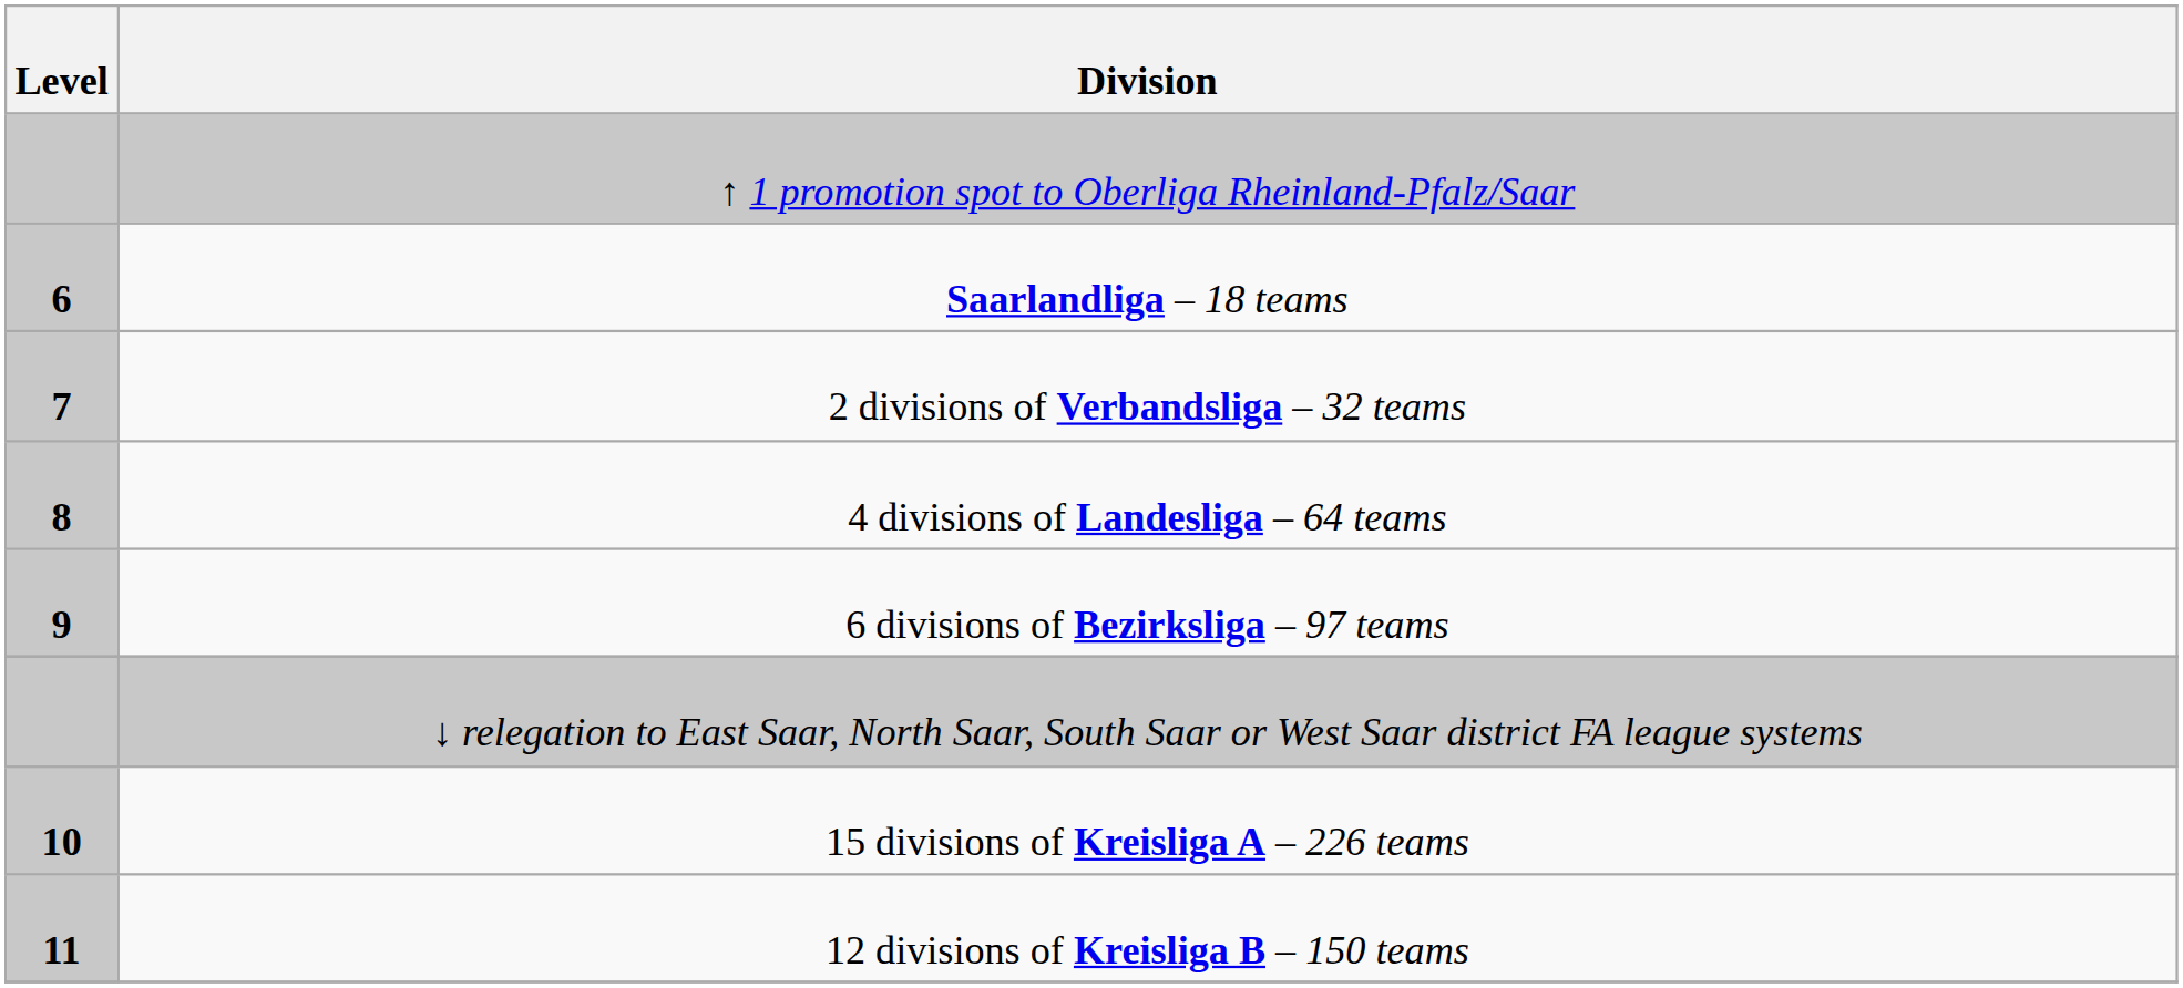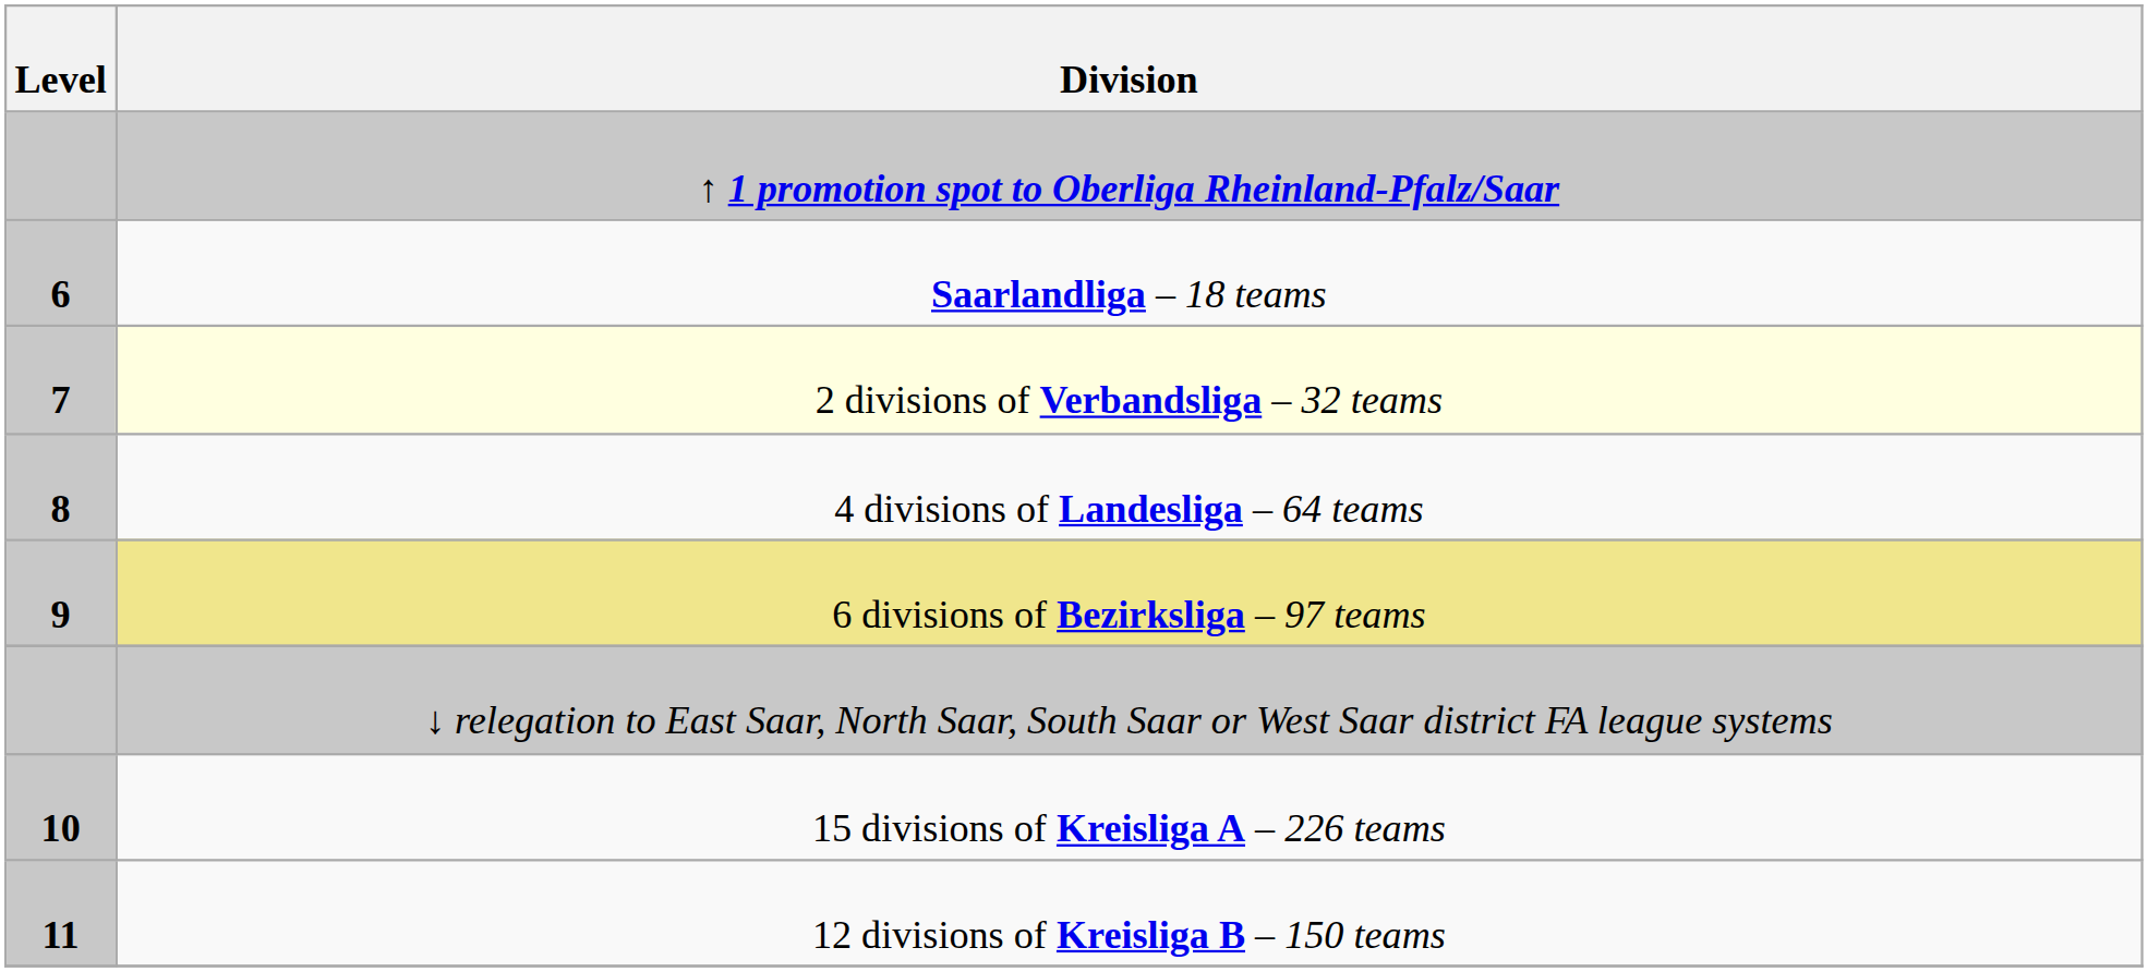 <table class="wikitable" style="text-align:center">
 <tr>
 <th colspan="1" width="4%"><br>Level</th>
 <th colspan="1"><br>Division</th>
 </tr>
 <tr style="background:#c8c8c8">
 <td colspan="1"></td>
-<td colspan="1"><br><em>↑ <a href='#'>1 promotion spot to Oberliga Rheinland-Pfalz/Saar</a></em></td>
+<td colspan="1"><strong><br><em>↑ <a href='#'>1 promotion spot to Oberliga Rheinland-Pfalz/Saar</a></em></strong></td>
 </tr>
 <tr>
 <td colspan="1" style="background:#c8c8c8"><br><strong>6</strong></td>
 <td colspan="1"><br><strong><a href='#'>Saarlandliga</a></strong> – <em>18 teams</em></td>
 </tr>
 <tr>
 <td colspan="1" style="background:#c8c8c8"><br><strong>7</strong></td>
-<td colspan="1"><br>2 divisions of <strong><a href='#'>Verbandsliga</a></strong> – <em>32 teams</em></td>
+<td colspan="1" style="background: lightyellow;"><br>2 divisions of <strong><a href='#'>Verbandsliga</a></strong> – <em>32 teams</em></td>
 </tr>
 <tr>
 <td colspan="1" style="background:#c8c8c8"><br><strong>8</strong></td>
 <td colspan="1"><br>4 divisions of <strong><a href='#'>Landesliga</a></strong> – <em>64 teams</em></td>
 </tr>
 <tr>
 <td colspan="1" style="background:#c8c8c8"><br><strong>9</strong></td>
-<td colspan="1"><br>6 divisions of <strong><a href='#'>Bezirksliga</a></strong> – <em>97 teams</em></td>
+<td colspan="1" style="background: khaki;"><br>6 divisions of <strong><a href='#'>Bezirksliga</a></strong> – <em>97 teams</em></td>
 </tr>
 <tr>
 </tr>
 <tr style="background:#c8c8c8">
 <td colspan="1"></td>
 <td colspan="1"><br><em>↓ relegation to East Saar, North Saar, South Saar or West Saar district FA league systems</em></td>
 </tr>
 <tr>
 <td colspan="1" style="background:#c8c8c8"><br><strong>10</strong></td>
 <td colspan="1"><br>15 divisions of <strong><a href='#'>Kreisliga A</a></strong> – <em>226 teams</em></td>
 </tr>
 <tr>
 <td colspan="1" style="background:#c8c8c8"><br><strong>11</strong></td>
 <td colspan="1"><br>12 divisions of <strong><a href='#'>Kreisliga B</a></strong> – <em>150 teams</em></td>
 </tr>
 <tr>
 </tr>
 </table>
